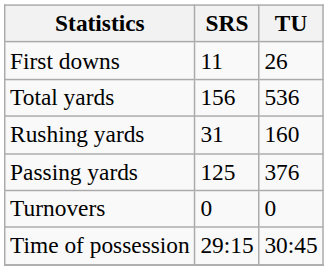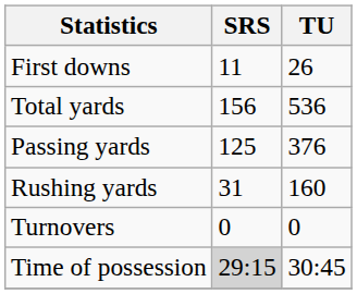 <table class="wikitable" style="float: left;">
 <tr>
 <th>Statistics</th>
 <th>SRS</th>
 <th>TU</th>
 </tr>
 <tr>
 <td>First downs</td>
 <td>11</td>
 <td>26</td>
 </tr>
 <tr>
 <td>Total yards</td>
 <td>156</td>
 <td>536</td>
 </tr>
 <tr>
+<td>Passing yards</td>
+<td>125</td>
+<td>376</td>
+</tr>
+<tr>
 <td>Rushing yards</td>
 <td>31</td>
 <td>160</td>
-</tr>
-<tr>
-<td>Passing yards</td>
-<td>125</td>
-<td>376</td>
 </tr>
 <tr>
 <td>Turnovers</td>
 <td>0</td>
 <td>0</td>
 </tr>
 <tr>
 <td>Time of possession</td>
-<td>29:15</td>
+<td style="background: lightgrey;">29:15</td>
 <td>30:45</td>
 </tr>
 <tr>
 </tr>
 </table>
